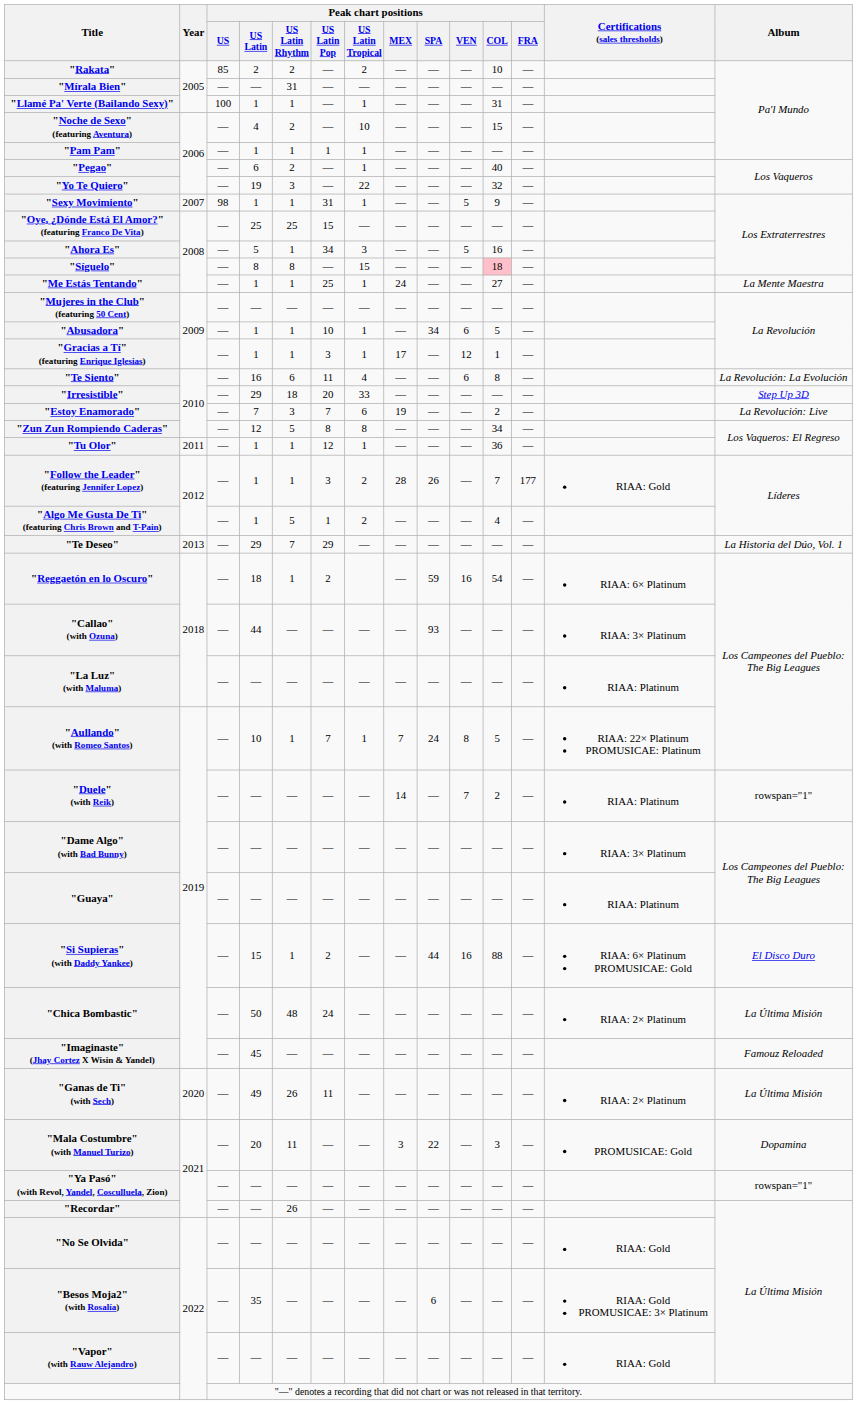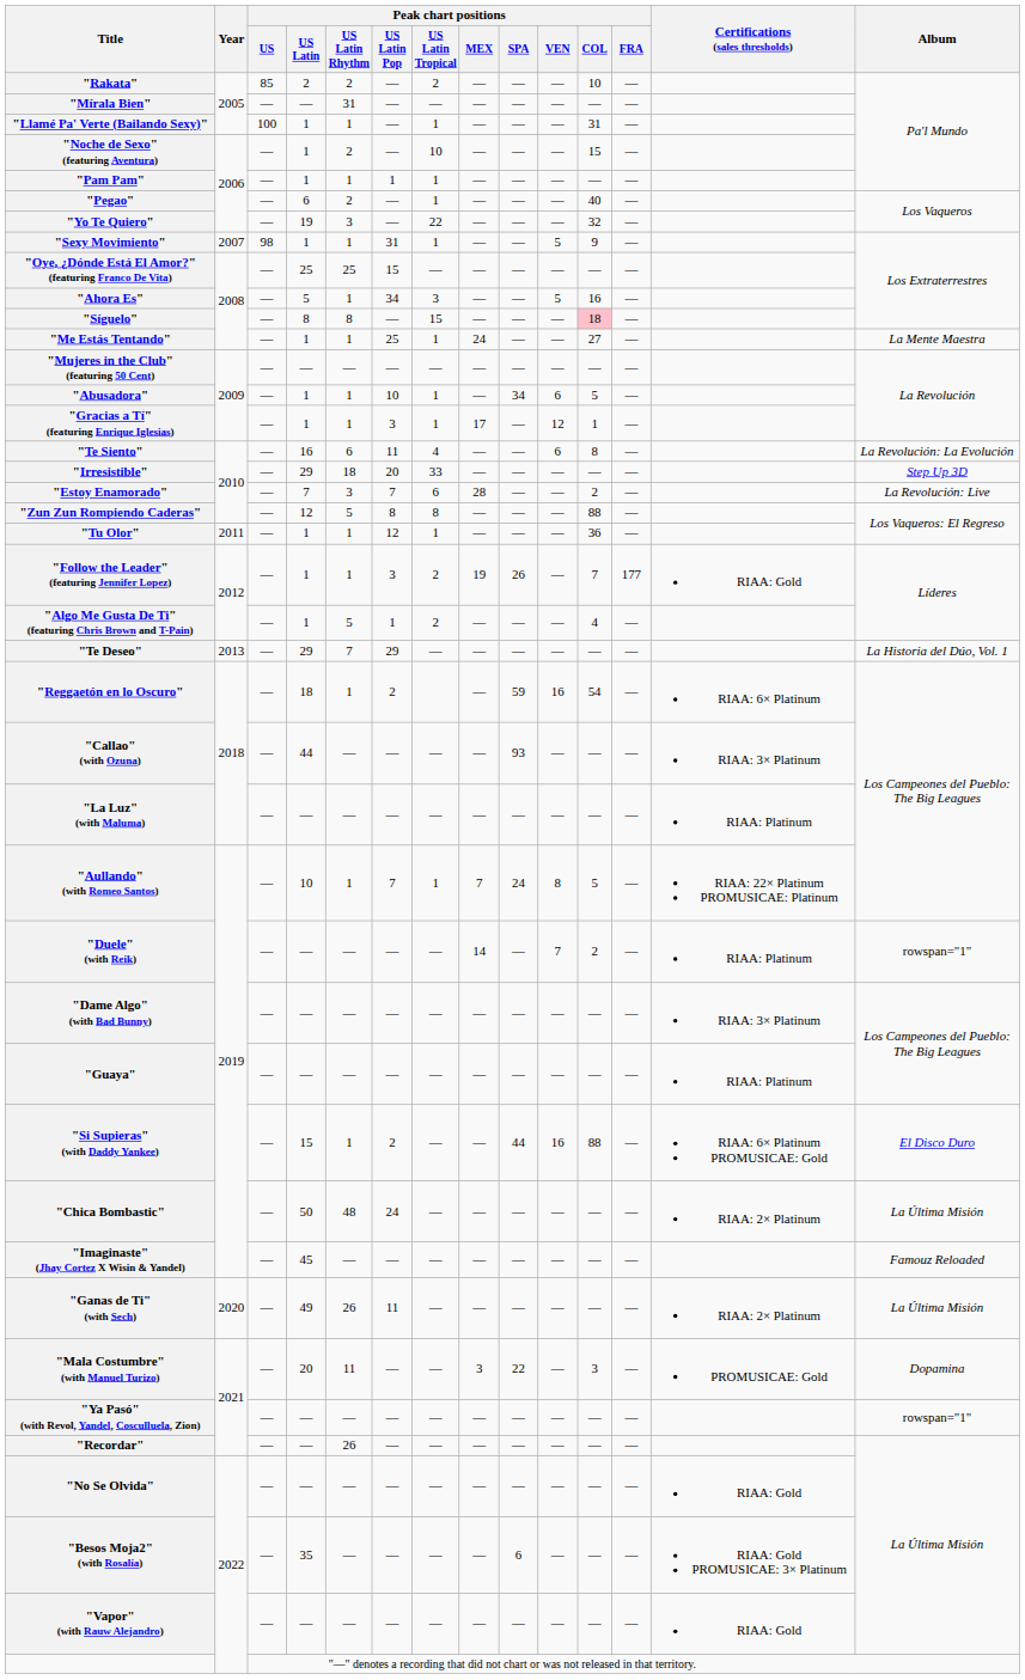 <table class="wikitable plainrowheaders" style="text-align:center;">
 <tr>
 <th rowspan="2" style="width:17em;">Title</th>
 <th rowspan="2" style="width:1em;">Year</th>
 <th colspan="10" style="width:2em;">Peak chart positions</th>
 <th scope="col" rowspan="2" style="width:16em;"><a href='#'>Certifications</a><br><small>(<a href='#'>sales thresholds</a>)</small></th>
 <th rowspan="2" style="width:13em;">Album</th>
 </tr>
 <tr>
 <th scope="col" style="width:3em;font-size:90%;"><a href='#'>US</a><br></th>
 <th scope="col" style="width:3em;font-size:90%;"><a href='#'>US Latin</a><br></th>
 <th scope="col" style="width:3em;font-size:90%;"><a href='#'>US <br> Latin Rhythm</a><br></th>
 <th scope="col" style="width:3em;font-size:90%;"><a href='#'>US <br> Latin<br>Pop</a><br></th>
 <th scope="col" style="width:3em;font-size:90%;"><a href='#'>US <br> Latin Tropical</a><br></th>
 <th scope="col" style="width:3em;font-size:90%;"><a href='#'>MEX</a><br></th>
 <th scope="col" style="width:3em;font-size:90%;"><a href='#'>SPA</a><br></th>
 <th scope="col" style="width:3em;font-size:90%;"><a href='#'>VEN</a><br></th>
 <th scope="col" style="width:2.5em;font-size:90%;"><a href='#'>COL</a><br></th>
 <th scope="col" style="width:3em;font-size:90%;" !width="25"><a href='#'>FRA</a><br></th>
 </tr>
 <tr>
 <th scope="row">"<a href='#'>Rakata</a>"</th>
 <td rowspan="3">2005</td>
 <td>85</td>
 <td>2</td>
 <td>2</td>
 <td>—</td>
 <td>2</td>
 <td>—</td>
 <td>—</td>
 <td>—</td>
 <td>10</td>
 <td>—</td>
 <td></td>
 <td rowspan="5"><em>Pa'l Mundo</em></td>
 </tr>
 <tr>
 <th scope="row">"<a href='#'>Mírala Bien</a>"</th>
 <td>—</td>
 <td>—</td>
 <td>31</td>
 <td>—</td>
 <td>—</td>
 <td>—</td>
 <td>—</td>
 <td>—</td>
 <td>—</td>
 <td>—</td>
 <td></td>
 </tr>
 <tr>
 <th scope="row">"<a href='#'>Llamé Pa' Verte (Bailando Sexy)</a>"</th>
 <td>100</td>
 <td>1</td>
 <td>1</td>
 <td>—</td>
 <td>1</td>
 <td>—</td>
 <td>—</td>
 <td>—</td>
 <td>31</td>
 <td>—</td>
 <td></td>
 </tr>
 <tr>
 <th scope="row">"<a href='#'>Noche de Sexo</a>" <br><small>(featuring <a href='#'>Aventura</a>)</small></th>
 <td align="center" rowspan="4">2006</td>
 <td>—</td>
-<td>4</td>
+<td>1</td>
 <td>2</td>
 <td>—</td>
 <td>10</td>
 <td>—</td>
 <td>—</td>
 <td>—</td>
 <td>15</td>
 <td>—</td>
 <td></td>
 </tr>
 <tr>
 <th scope="row">"<a href='#'>Pam Pam</a>"</th>
 <td>—</td>
 <td>1</td>
 <td>1</td>
 <td>1</td>
 <td>1</td>
 <td>—</td>
 <td>—</td>
 <td>—</td>
 <td>—</td>
 <td>—</td>
 <td></td>
 </tr>
 <tr>
 <th scope="row">"<a href='#'>Pegao</a>"</th>
 <td>—</td>
 <td>6</td>
 <td>2</td>
 <td>—</td>
 <td>1</td>
 <td>—</td>
 <td>—</td>
 <td>—</td>
 <td>40</td>
 <td>—</td>
 <td></td>
 <td rowspan="2"><em>Los Vaqueros</em></td>
 </tr>
 <tr>
 <th scope="row">"<a href='#'>Yo Te Quiero</a>"</th>
 <td>—</td>
 <td>19</td>
 <td>3</td>
 <td>—</td>
 <td>22</td>
 <td>—</td>
 <td>—</td>
 <td>—</td>
 <td>32</td>
 <td>—</td>
 <td></td>
 </tr>
 <tr>
 <th scope="row">"<a href='#'>Sexy Movimiento</a>"</th>
 <td align="center">2007</td>
 <td>98</td>
 <td>1</td>
 <td>1</td>
 <td>31</td>
 <td>1</td>
 <td>—</td>
 <td>—</td>
 <td>5</td>
 <td>9</td>
 <td>—</td>
 <td></td>
 <td rowspan="4"><em>Los Extraterrestres</em></td>
 </tr>
 <tr>
 <th scope="row">"<a href='#'>Oye, ¿Dónde Está El Amor?</a>" <br><small>(featuring <a href='#'>Franco De Vita</a>)</small></th>
 <td align="center" rowspan="4">2008</td>
 <td>—</td>
 <td>25</td>
 <td>25</td>
 <td>15</td>
 <td>—</td>
 <td>—</td>
 <td>—</td>
 <td>—</td>
 <td>—</td>
 <td>—</td>
 <td></td>
 </tr>
 <tr>
 <th scope="row">"<a href='#'>Ahora Es</a>"</th>
 <td>—</td>
 <td>5</td>
 <td>1</td>
 <td>34</td>
 <td>3</td>
 <td>—</td>
 <td>—</td>
 <td>5</td>
 <td>16</td>
 <td>—</td>
 <td></td>
 </tr>
 <tr>
 <th scope="row">"<a href='#'>Síguelo</a>"</th>
 <td>—</td>
 <td>8</td>
 <td>8</td>
 <td>—</td>
 <td>15</td>
 <td>—</td>
 <td>—</td>
 <td>—</td>
 <td style="background: pink;">18</td>
 <td>—</td>
 <td></td>
 </tr>
 <tr>
 <th scope="row">"<a href='#'>Me Estás Tentando</a>"</th>
 <td>—</td>
 <td>1</td>
 <td>1</td>
 <td>25</td>
 <td>1</td>
 <td>24</td>
 <td>—</td>
 <td>—</td>
 <td>27</td>
 <td>—</td>
 <td></td>
 <td><em>La Mente Maestra</em></td>
 </tr>
 <tr>
 <th scope="row">"<a href='#'>Mujeres in the Club</a>" <br><small>(featuring <a href='#'>50 Cent</a>)</small></th>
 <td align="center" rowspan="3">2009</td>
 <td>—</td>
 <td>—</td>
 <td>—</td>
 <td>—</td>
 <td>—</td>
 <td>—</td>
 <td>—</td>
 <td>—</td>
 <td>—</td>
 <td>—</td>
 <td></td>
 <td rowspan="3"><em>La Revolución</em></td>
 </tr>
 <tr>
 <th scope="row">"<a href='#'>Abusadora</a>"</th>
 <td>—</td>
 <td>1</td>
 <td>1</td>
 <td>10</td>
 <td>1</td>
 <td>—</td>
 <td>34</td>
 <td>6</td>
 <td>5</td>
 <td>—</td>
 <td></td>
 </tr>
 <tr>
 <th scope="row">"<a href='#'>Gracias a Tí</a>" <br><small>(featuring <a href='#'>Enrique Iglesias</a>)</small></th>
 <td>—</td>
 <td>1</td>
 <td>1</td>
 <td>3</td>
 <td>1</td>
 <td>17</td>
 <td>—</td>
 <td>12</td>
 <td>1</td>
 <td>—</td>
 <td></td>
 </tr>
 <tr>
 <th scope="row">"<a href='#'>Te Siento</a>"</th>
 <td align="center" rowspan="4">2010</td>
 <td>—</td>
 <td>16</td>
 <td>6</td>
 <td>11</td>
 <td>4</td>
 <td>—</td>
 <td>—</td>
 <td>6</td>
 <td>8</td>
 <td>—</td>
 <td></td>
 <td><em>La Revolución: La Evolución</em></td>
 </tr>
 <tr>
 <th scope="row">"<a href='#'>Irresistible</a>"</th>
 <td>—</td>
 <td>29</td>
 <td>18</td>
 <td>20</td>
 <td>33</td>
 <td>—</td>
 <td>—</td>
 <td>—</td>
 <td>—</td>
 <td>—</td>
 <td></td>
 <td><em><a href='#'>Step Up 3D</a></em></td>
 </tr>
 <tr>
 <th scope="row">"<a href='#'>Estoy Enamorado</a>"</th>
 <td>—</td>
 <td>7</td>
 <td>3</td>
 <td>7</td>
 <td>6</td>
-<td>19</td>
+<td>28</td>
 <td>—</td>
 <td>—</td>
 <td>2</td>
 <td>—</td>
 <td></td>
 <td><em>La Revolución: Live</em></td>
 </tr>
 <tr>
 <th scope="row">"<a href='#'>Zun Zun Rompiendo Caderas</a>"</th>
 <td>—</td>
 <td>12</td>
 <td>5</td>
 <td>8</td>
 <td>8</td>
 <td>—</td>
 <td>—</td>
 <td>—</td>
-<td>34</td>
+<td>88</td>
 <td>—</td>
 <td></td>
 <td rowspan="2"><em>Los Vaqueros: El Regreso</em></td>
 </tr>
 <tr>
 <th scope="row">"<a href='#'>Tu Olor</a>"</th>
 <td align="center">2011</td>
 <td>—</td>
 <td>1</td>
 <td>1</td>
 <td>12</td>
 <td>1</td>
 <td>—</td>
 <td>—</td>
 <td>—</td>
 <td>36</td>
 <td>—</td>
 <td></td>
 </tr>
 <tr>
 <th scope="row">"<a href='#'>Follow the Leader</a>" <br><small>(featuring <a href='#'>Jennifer Lopez</a>)</small></th>
 <td align="center" rowspan="2">2012</td>
 <td>—</td>
 <td>1</td>
 <td>1</td>
 <td>3</td>
 <td>2</td>
-<td>28</td>
+<td>19</td>
 <td>26</td>
 <td>—</td>
 <td>7</td>
 <td>177</td>
 <td><br><ul><li>RIAA: Gold</li></ul></td>
 <td align="center" rowspan="2"><em>Líderes</em></td>
 </tr>
 <tr>
 <th scope="row">"<a href='#'>Algo Me Gusta De Ti</a>" <br><small>(featuring <a href='#'>Chris Brown</a> and <a href='#'>T-Pain</a>)</small></th>
 <td>—</td>
 <td>1</td>
 <td>5</td>
 <td>1</td>
 <td>2</td>
 <td>—</td>
 <td>—</td>
 <td>—</td>
 <td>4</td>
 <td>—</td>
 <td></td>
 </tr>
 <tr>
 <th scope="row">"Te Deseo"</th>
 <td align="center">2013</td>
 <td>—</td>
 <td>29</td>
 <td>7</td>
 <td>29</td>
 <td>—</td>
 <td>—</td>
 <td>—</td>
 <td>—</td>
 <td>—</td>
 <td>—</td>
 <td></td>
 <td align="center"><em>La Historia del Dúo, Vol. 1</em></td>
 </tr>
 <tr>
 <th scope="row">"<a href='#'>Reggaetón en lo Oscuro</a>"</th>
 <td align="center" rowspan="3">2018</td>
 <td>—</td>
 <td>18</td>
 <td>1</td>
 <td>2</td>
 <td></td>
 <td>—</td>
 <td>59<br></td>
 <td>16</td>
 <td>54</td>
 <td>—</td>
 <td><br><ul><li>RIAA: 6× Platinum </li></ul></td>
 <td rowspan="4"><em>Los Campeones del Pueblo: The Big Leagues</em></td>
 </tr>
 <tr>
 <th scope="row">"Callao"<br><small>(with <a href='#'>Ozuna</a>)</small></th>
 <td>—</td>
 <td>44</td>
 <td>—</td>
 <td>—</td>
 <td>—</td>
 <td>—</td>
 <td>93</td>
 <td>—</td>
 <td>—</td>
 <td>—</td>
 <td><br><ul><li>RIAA: 3× Platinum </li></ul></td>
 </tr>
 <tr>
 <th scope="row">"La Luz"<br><small>(with <a href='#'>Maluma</a>)</small></th>
 <td>—</td>
 <td>—</td>
 <td>—</td>
 <td>—</td>
 <td>—</td>
 <td>—</td>
 <td>—</td>
 <td>—</td>
 <td>—</td>
 <td>—</td>
 <td><br><ul><li>RIAA: Platinum </li></ul></td>
 </tr>
 <tr>
 <th scope="row">"<a href='#'>Aullando</a>"<br><small>(with <a href='#'>Romeo Santos</a>)</small></th>
 <td rowspan="7">2019</td>
 <td>—</td>
 <td>10</td>
 <td>1</td>
 <td>7</td>
 <td>1</td>
 <td>7</td>
 <td>24<br></td>
 <td>8</td>
 <td>5</td>
 <td>—</td>
 <td><br><ul><li>RIAA: 22× Platinum </li><li>PROMUSICAE: Platinum</li></ul></td>
 </tr>
 <tr>
 <th scope="row">"<a href='#'>Duele</a>"<br><small>(with <a href='#'>Reik</a>)</small></th>
 <td>—</td>
 <td>—</td>
 <td>—</td>
 <td>—</td>
 <td>—</td>
 <td>14</td>
 <td>—</td>
 <td>7</td>
 <td>2</td>
 <td>—</td>
 <td><br><ul><li>RIAA: Platinum </li></ul></td>
 <td>rowspan="1" </td>
 </tr>
 <tr>
 <th scope="row">"Dame Algo"<br><small>(with <a href='#'>Bad Bunny</a>)</small></th>
 <td>—</td>
 <td>—</td>
 <td>—</td>
 <td>—</td>
 <td>—</td>
 <td>—</td>
 <td>—</td>
 <td>—</td>
 <td>—</td>
 <td>—</td>
 <td><br><ul><li>RIAA: 3× Platinum </li></ul></td>
 <td rowspan="2"><em>Los Campeones del Pueblo: The Big Leagues</em></td>
 </tr>
 <tr>
 <th scope="row">"Guaya"</th>
 <td>—</td>
 <td>—</td>
 <td>—</td>
 <td>—</td>
 <td>—</td>
 <td>—</td>
 <td>—</td>
 <td>—</td>
 <td>—</td>
 <td>—</td>
 <td><br><ul><li>RIAA: Platinum </li></ul></td>
 </tr>
 <tr>
 <th scope="row">"<a href='#'>Si Supieras</a>"<br><small>(with <a href='#'>Daddy Yankee</a>)</small></th>
 <td>—</td>
 <td>15</td>
 <td>1</td>
 <td>2</td>
 <td>—</td>
 <td>—</td>
 <td>44<br></td>
 <td>16</td>
 <td>88</td>
 <td>—</td>
 <td><br><ul><li>RIAA: 6× Platinum </li><li>PROMUSICAE: Gold</li></ul></td>
 <td><em><a href='#'>El Disco Duro</a></em></td>
 </tr>
 <tr>
 <th scope="row">"Chica Bombastic"</th>
 <td>—</td>
 <td>50</td>
 <td>48</td>
 <td>24</td>
 <td>—</td>
 <td>—</td>
 <td>—</td>
 <td>—</td>
 <td>—</td>
 <td>—</td>
 <td><br><ul><li>RIAA: 2× Platinum </li></ul></td>
 <td><em>La Última Misión</em></td>
 </tr>
 <tr>
 <th scope="row">"Imaginaste"<br><small>(<a href='#'>Jhay Cortez</a> X Wisin & Yandel)</small></th>
 <td>—</td>
 <td>45</td>
 <td>—</td>
 <td>—</td>
 <td>—</td>
 <td>—</td>
 <td>—</td>
 <td>—</td>
 <td>—</td>
 <td>—</td>
 <td></td>
 <td><em>Famouz Reloaded</em></td>
 </tr>
 <tr>
 <th scope="row">"Ganas de Ti"<br><small>(with <a href='#'>Sech</a>)</small></th>
 <td align="center" rowspan="1">2020</td>
 <td>—</td>
 <td>49</td>
 <td>26</td>
 <td>11</td>
 <td>—</td>
 <td>—</td>
 <td>—</td>
 <td>—</td>
 <td>—</td>
 <td>—</td>
 <td><br><ul><li>RIAA: 2× Platinum </li></ul></td>
 <td><em>La Última Misión</em></td>
 </tr>
 <tr>
 <th scope="row">"Mala Costumbre"<br><small>(with <a href='#'>Manuel Turizo</a>)</small></th>
 <td align="center" rowspan="3">2021</td>
 <td>—</td>
 <td>20</td>
 <td>11</td>
 <td>—</td>
 <td>—</td>
 <td>3</td>
 <td>22</td>
 <td>—</td>
 <td>3</td>
 <td>—</td>
 <td><br><ul><li>PROMUSICAE: Gold</li></ul></td>
 <td><em>Dopamina</em></td>
 </tr>
 <tr>
 <th scope="row">"Ya Pasó"<br><small>(with Revol,  <a href='#'>Yandel</a>, <a href='#'>Cosculluela</a>, Zion)</small></th>
 <td>—</td>
 <td>—</td>
 <td>—</td>
 <td>—</td>
 <td>—</td>
 <td>—</td>
 <td>—</td>
 <td>—</td>
 <td>—</td>
 <td>—</td>
 <td></td>
 <td>rowspan="1" </td>
 </tr>
 <tr>
 <th scope="row">"Recordar"</th>
 <td>—</td>
 <td>—</td>
 <td>26</td>
 <td>—</td>
 <td>—</td>
 <td>—</td>
 <td>—</td>
 <td>—</td>
 <td>—</td>
 <td>—</td>
 <td></td>
 <td rowspan="4"><em>La Última Misión</em></td>
 </tr>
 <tr>
 <th scope="row">"No Se Olvida"</th>
 <td align="center" rowspan="4">2022</td>
 <td>—</td>
 <td>—</td>
 <td>—</td>
 <td>—</td>
 <td>—</td>
 <td>—</td>
 <td>—</td>
 <td>—</td>
 <td>—</td>
 <td>—</td>
 <td><br><ul><li>RIAA: Gold </li></ul></td>
 </tr>
 <tr>
 <th scope="row">"Besos Moja2"<br><small>(with <a href='#'>Rosalía</a>)</small></th>
 <td>—</td>
 <td>35</td>
 <td>—</td>
 <td>—</td>
 <td>—</td>
 <td>—</td>
 <td>6</td>
 <td>—</td>
 <td>—</td>
 <td>—</td>
 <td><br><ul><li>RIAA: Gold </li><li>PROMUSICAE: 3× Platinum</li></ul></td>
 </tr>
 <tr>
 <th scope="row">"Vapor"<br><small>(with <a href='#'>Rauw Alejandro</a>)</small></th>
 <td>—</td>
 <td>—</td>
 <td>—</td>
 <td>—</td>
 <td>—</td>
 <td>—</td>
 <td>—</td>
 <td>—</td>
 <td>—</td>
 <td>—</td>
 <td><br><ul><li>RIAA: Gold </li></ul></td>
 </tr>
 <tr>
 <td colspan="14" style="font-size:90%">"—" denotes a recording that did not chart or was not released in that territory.</td>
 </tr>
 </table>
